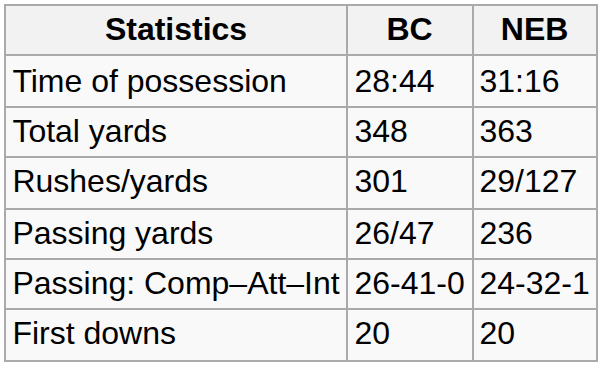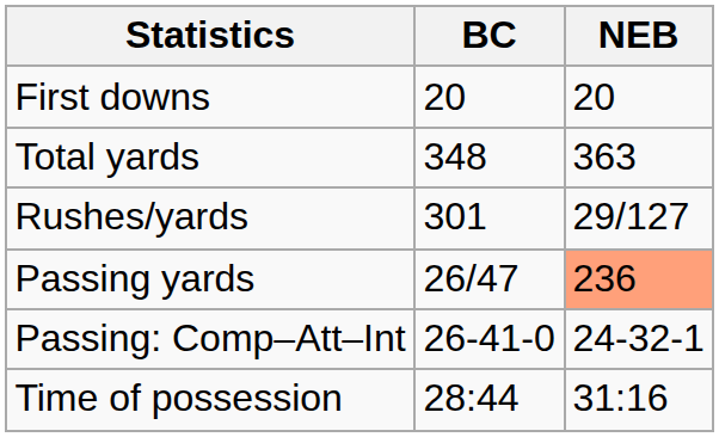 <table class="wikitable" style="float: left;">
 <tr>
 <th>Statistics</th>
 <th>BC</th>
 <th>NEB</th>
 </tr>
 <tr>
-<td>Time of possession</td>
-<td>28:44</td>
-<td>31:16</td>
+<td>First downs</td>
+<td>20</td>
+<td>20</td>
 </tr>
 <tr>
 <td>Total yards</td>
 <td>348</td>
 <td>363</td>
 </tr>
 <tr>
 <td>Rushes/yards</td>
 <td>301</td>
 <td>29/127</td>
 </tr>
 <tr>
 <td>Passing yards</td>
 <td>26/47</td>
-<td>236</td>
+<td style="background: lightsalmon;">236</td>
 </tr>
 <tr>
 <td>Passing: Comp–Att–Int</td>
 <td>26-41-0</td>
 <td>24-32-1</td>
 </tr>
 <tr>
-<td>First downs</td>
-<td>20</td>
-<td>20</td>
+<td>Time of possession</td>
+<td>28:44</td>
+<td>31:16</td>
 </tr>
 <tr>
 </tr>
 </table>
